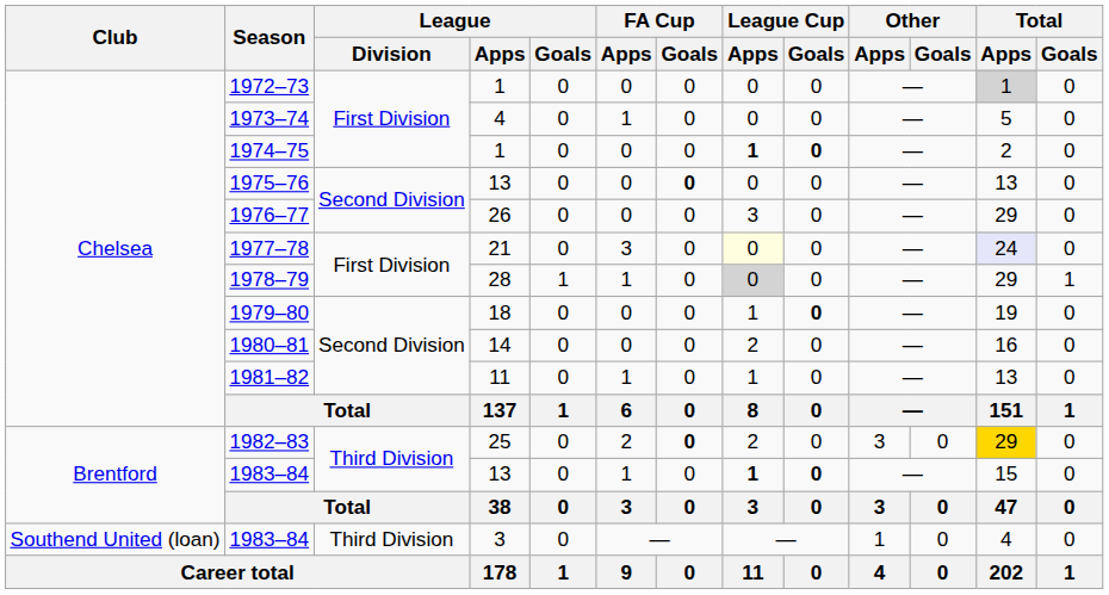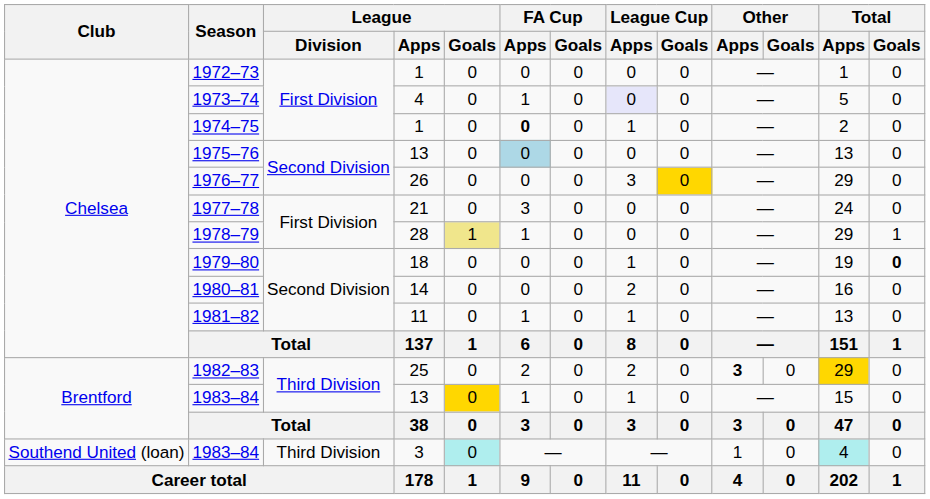 <table class="wikitable" style="text-align:center">
 <tr>
 <th rowspan="2">Club</th>
 <th rowspan="2">Season</th>
 <th colspan="3">League</th>
 <th colspan="2">FA Cup</th>
 <th colspan="2">League Cup</th>
 <th colspan="2">Other</th>
 <th colspan="2">Total</th>
 </tr>
 <tr>
 <th>Division</th>
 <th>Apps</th>
 <th>Goals</th>
 <th>Apps</th>
 <th>Goals</th>
 <th>Apps</th>
 <th>Goals</th>
 <th>Apps</th>
 <th>Goals</th>
 <th>Apps</th>
 <th>Goals</th>
 </tr>
 <tr>
 <td rowspan="11"><a href='#'>Chelsea</a></td>
 <td><a href='#'>1972–73</a></td>
 <td rowspan="3"><a href='#'>First Division</a></td>
 <td>1</td>
 <td>0</td>
 <td>0</td>
 <td>0</td>
 <td>0</td>
 <td>0</td>
 <td colspan="2">—</td>
-<td style="background: lightgrey;">1</td>
+<td>1</td>
 <td>0</td>
 </tr>
 <tr>
 <td><a href='#'>1973–74</a></td>
 <td>4</td>
 <td>0</td>
 <td>1</td>
 <td>0</td>
-<td>0</td>
+<td style="background: lavender;">0</td>
 <td>0</td>
 <td colspan="2">—</td>
 <td>5</td>
 <td>0</td>
 </tr>
 <tr>
 <td><a href='#'>1974–75</a></td>
 <td>1</td>
 <td>0</td>
+<td><strong>0</strong></td>
 <td>0</td>
+<td>1</td>
 <td>0</td>
-<td><strong>1</strong></td>
-<td><strong>0</strong></td>
 <td colspan="2">—</td>
 <td>2</td>
 <td>0</td>
 </tr>
 <tr>
 <td><a href='#'>1975–76</a></td>
 <td rowspan="2"><a href='#'>Second Division</a></td>
 <td>13</td>
 <td>0</td>
+<td style="background: lightblue;">0</td>
 <td>0</td>
-<td><strong>0</strong></td>
 <td>0</td>
 <td>0</td>
 <td colspan="2">—</td>
 <td>13</td>
 <td>0</td>
 </tr>
 <tr>
 <td><a href='#'>1976–77</a></td>
 <td>26</td>
 <td>0</td>
 <td>0</td>
 <td>0</td>
 <td>3</td>
-<td>0</td>
+<td style="background: gold;">0</td>
 <td colspan="2">—</td>
 <td>29</td>
 <td>0</td>
 </tr>
 <tr>
 <td><a href='#'>1977–78</a></td>
 <td rowspan="2">First Division</td>
 <td>21</td>
 <td>0</td>
 <td>3</td>
 <td>0</td>
-<td style="background: lightyellow;">0</td>
+<td>0</td>
 <td>0</td>
 <td colspan="2">—</td>
-<td style="background: lavender;">24</td>
+<td>24</td>
 <td>0</td>
 </tr>
 <tr>
 <td><a href='#'>1978–79</a></td>
 <td>28</td>
-<td>1</td>
+<td style="background: khaki;">1</td>
 <td>1</td>
 <td>0</td>
-<td style="background: lightgrey;">0</td>
+<td>0</td>
 <td>0</td>
 <td colspan="2">—</td>
 <td>29</td>
 <td>1</td>
 </tr>
 <tr>
 <td><a href='#'>1979–80</a></td>
 <td rowspan="3">Second Division</td>
 <td>18</td>
 <td>0</td>
 <td>0</td>
 <td>0</td>
 <td>1</td>
-<td><strong>0</strong></td>
+<td>0</td>
 <td colspan="2">—</td>
 <td>19</td>
-<td>0</td>
+<td><strong>0</strong></td>
 </tr>
 <tr>
 <td><a href='#'>1980–81</a></td>
 <td>14</td>
 <td>0</td>
 <td>0</td>
 <td>0</td>
 <td>2</td>
 <td>0</td>
 <td colspan="2">—</td>
 <td>16</td>
 <td>0</td>
 </tr>
 <tr>
 <td><a href='#'>1981–82</a></td>
 <td>11</td>
 <td>0</td>
 <td>1</td>
 <td>0</td>
 <td>1</td>
 <td>0</td>
 <td colspan="2">—</td>
 <td>13</td>
 <td>0</td>
 </tr>
 <tr>
 <th colspan="2">Total</th>
 <th>137</th>
 <th>1</th>
 <th>6</th>
 <th>0</th>
 <th>8</th>
 <th>0</th>
 <th colspan="2">—</th>
 <th>151</th>
 <th>1</th>
 </tr>
 <tr>
 <td rowspan="3"><a href='#'>Brentford</a></td>
 <td><a href='#'>1982–83</a></td>
 <td rowspan="2"><a href='#'>Third Division</a></td>
 <td>25</td>
 <td>0</td>
 <td>2</td>
-<td><strong>0</strong></td>
+<td>0</td>
 <td>2</td>
 <td>0</td>
-<td>3</td>
+<td><strong>3</strong></td>
 <td>0</td>
 <td style="background: gold;">29</td>
 <td>0</td>
 </tr>
 <tr>
 <td><a href='#'>1983–84</a></td>
 <td>13</td>
+<td style="background: gold;">0</td>
+<td>1</td>
 <td>0</td>
 <td>1</td>
 <td>0</td>
-<td><strong>1</strong></td>
-<td><strong>0</strong></td>
 <td colspan="2">—</td>
 <td>15</td>
 <td>0</td>
 </tr>
 <tr>
 <th colspan="2">Total</th>
 <th>38</th>
 <th>0</th>
 <th>3</th>
 <th>0</th>
 <th>3</th>
 <th>0</th>
 <th>3</th>
 <th>0</th>
 <th>47</th>
 <th>0</th>
 </tr>
 <tr>
 <td><a href='#'>Southend United</a> (loan)</td>
 <td><a href='#'>1983–84</a></td>
 <td>Third Division</td>
 <td>3</td>
-<td>0</td>
+<td style="background: paleturquoise;">0</td>
 <td colspan="2">—</td>
 <td colspan="2">—</td>
 <td>1</td>
 <td>0</td>
-<td>4</td>
+<td style="background: paleturquoise;">4</td>
 <td>0</td>
 </tr>
 <tr>
 <th colspan="3">Career total</th>
 <th>178</th>
 <th>1</th>
 <th>9</th>
 <th>0</th>
 <th>11</th>
 <th>0</th>
 <th>4</th>
 <th>0</th>
 <th>202</th>
 <th>1</th>
 </tr>
 </table>
